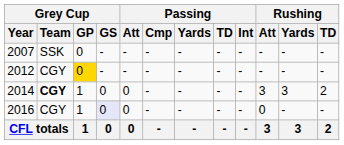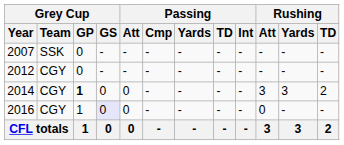 <table class="wikitable">
 <tr>
 <th colspan="4">Grey Cup</th>
 <th colspan="5">Passing</th>
 <th colspan="3">Rushing</th>
 </tr>
 <tr>
 <th>Year</th>
 <th>Team</th>
 <th>GP</th>
 <th>GS</th>
 <th>Att</th>
 <th>Cmp</th>
 <th>Yards</th>
 <th>TD</th>
 <th>Int</th>
 <th>Att</th>
 <th>Yards</th>
 <th>TD</th>
 </tr>
 <tr>
 <td>2007</td>
 <td>SSK</td>
 <td>0</td>
 <td>-</td>
 <td>-</td>
 <td>-</td>
 <td>-</td>
 <td>-</td>
 <td>-</td>
 <td>-</td>
 <td>-</td>
 <td>-</td>
 </tr>
 <tr>
 <td>2012</td>
 <td>CGY</td>
-<td style="background: gold;">0</td>
+<td>0</td>
 <td>-</td>
 <td>-</td>
 <td>-</td>
 <td>-</td>
 <td>-</td>
 <td>-</td>
 <td>-</td>
 <td>-</td>
 <td>-</td>
 </tr>
 <tr>
 <td>2014</td>
-<td><strong>CGY</strong></td>
-<td>1</td>
+<td>CGY</td>
+<td><strong>1</strong></td>
 <td>0</td>
 <td>0</td>
 <td>-</td>
 <td>-</td>
 <td>-</td>
 <td>-</td>
 <td>3</td>
 <td>3</td>
 <td>2</td>
 </tr>
 <tr>
 <td>2016</td>
 <td>CGY</td>
 <td>1</td>
 <td style="background: lavender;">0</td>
 <td>0</td>
 <td>-</td>
 <td>-</td>
 <td>-</td>
 <td>-</td>
 <td>0</td>
 <td>-</td>
 <td>-</td>
 </tr>
 <tr>
 <th colspan="2"><a href='#'>CFL</a> totals</th>
 <th>1</th>
 <th>0</th>
 <th>0</th>
 <th>-</th>
 <th>-</th>
 <th>-</th>
 <th>-</th>
 <th>3</th>
 <th>3</th>
 <th>2</th>
 </tr>
 </table>
